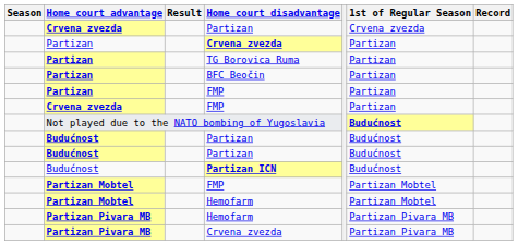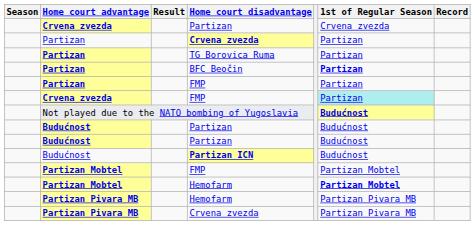 <table class="wikitable">
 <tr>
 <th>Season</th>
 <th><a href='#'>Home court advantage</a></th>
 <th>Result</th>
 <th><a href='#'>Home court disadvantage</a></th>
 <th rowspan="15"></th>
 <th>1st of Regular Season</th>
 <th>Record</th>
 </tr>
 <tr>
 <td></td>
 <td style="background:#ff9;"><strong><a href='#'>Crvena zvezda</a></strong></td>
 <td></td>
 <td><a href='#'>Partizan</a></td>
 <td><a href='#'>Crvena zvezda</a></td>
 <td></td>
 </tr>
 <tr>
 <td></td>
 <td><a href='#'>Partizan</a></td>
 <td></td>
 <td style="background:#ff9;"><strong><a href='#'>Crvena zvezda</a></strong></td>
 <td><a href='#'>Partizan</a></td>
 <td></td>
 </tr>
 <tr>
 <td></td>
 <td style="background:#ff9;"><strong><a href='#'>Partizan</a></strong></td>
 <td></td>
 <td><a href='#'>TG Borovica Ruma</a></td>
 <td><a href='#'>Partizan</a></td>
 <td></td>
 </tr>
 <tr>
 <td></td>
 <td style="background:#ff9;"><strong><a href='#'>Partizan</a></strong></td>
 <td></td>
 <td><a href='#'>BFC Beočin</a></td>
-<td><a href='#'>Partizan</a></td>
+<td><strong><a href='#'>Partizan</a></strong></td>
 <td></td>
 </tr>
 <tr>
 <td></td>
 <td style="background:#ff9;"><strong><a href='#'>Partizan</a></strong></td>
 <td></td>
 <td><a href='#'>FMP</a></td>
 <td><a href='#'>Partizan</a></td>
 <td></td>
 </tr>
 <tr>
 <td></td>
 <td style="background:#ff9;"><strong><a href='#'>Crvena zvezda</a></strong></td>
 <td></td>
 <td><a href='#'>FMP</a></td>
-<td><a href='#'>Partizan</a></td>
+<td style="background: paleturquoise;"><a href='#'>Partizan</a></td>
 <td></td>
 </tr>
 <tr>
 <td></td>
 <td colspan=3 style="background:#eaecef">Not played due to the <a href='#'>NATO bombing of Yugoslavia</a></td>
 <td style="background:#ff9;"><strong><a href='#'>Budućnost</a></strong></td>
 <td></td>
 </tr>
 <tr>
 <td></td>
 <td style="background:#ff9;"><strong><a href='#'>Budućnost</a></strong></td>
 <td></td>
 <td><a href='#'>Partizan</a></td>
 <td><a href='#'>Budućnost</a></td>
 <td></td>
 </tr>
 <tr>
 <td></td>
 <td style="background:#ff9;"><strong><a href='#'>Budućnost</a></strong></td>
 <td></td>
 <td><a href='#'>Partizan</a></td>
 <td><a href='#'>Budućnost</a></td>
 <td></td>
 </tr>
 <tr>
 <td></td>
 <td><a href='#'>Budućnost</a></td>
 <td></td>
 <td style="background:#ff9;"><strong><a href='#'>Partizan ICN</a></strong></td>
 <td><a href='#'>Budućnost</a></td>
 <td></td>
 </tr>
 <tr>
 <td></td>
 <td style="background:#ff9;"><strong><a href='#'>Partizan Mobtel</a></strong></td>
 <td></td>
 <td><a href='#'>FMP</a></td>
 <td><a href='#'>Partizan Mobtel</a></td>
 <td></td>
 </tr>
 <tr>
 <td></td>
 <td style="background:#ff9;"><strong><a href='#'>Partizan Mobtel</a></strong></td>
 <td></td>
 <td><a href='#'>Hemofarm</a></td>
-<td><a href='#'>Partizan Mobtel</a></td>
+<td><strong><a href='#'>Partizan Mobtel</a></strong></td>
 <td></td>
 </tr>
 <tr>
 <td></td>
 <td style="background:#ff9;"><strong><a href='#'>Partizan Pivara MB</a></strong></td>
 <td></td>
 <td><a href='#'>Hemofarm</a></td>
 <td><a href='#'>Partizan Pivara MB</a></td>
 <td></td>
 </tr>
 <tr>
 <td></td>
 <td style="background:#ff9;"><strong><a href='#'>Partizan Pivara MB</a></strong></td>
 <td></td>
 <td><a href='#'>Crvena zvezda</a></td>
 <td><a href='#'>Partizan Pivara MB</a></td>
 <td></td>
 </tr>
 </table>
